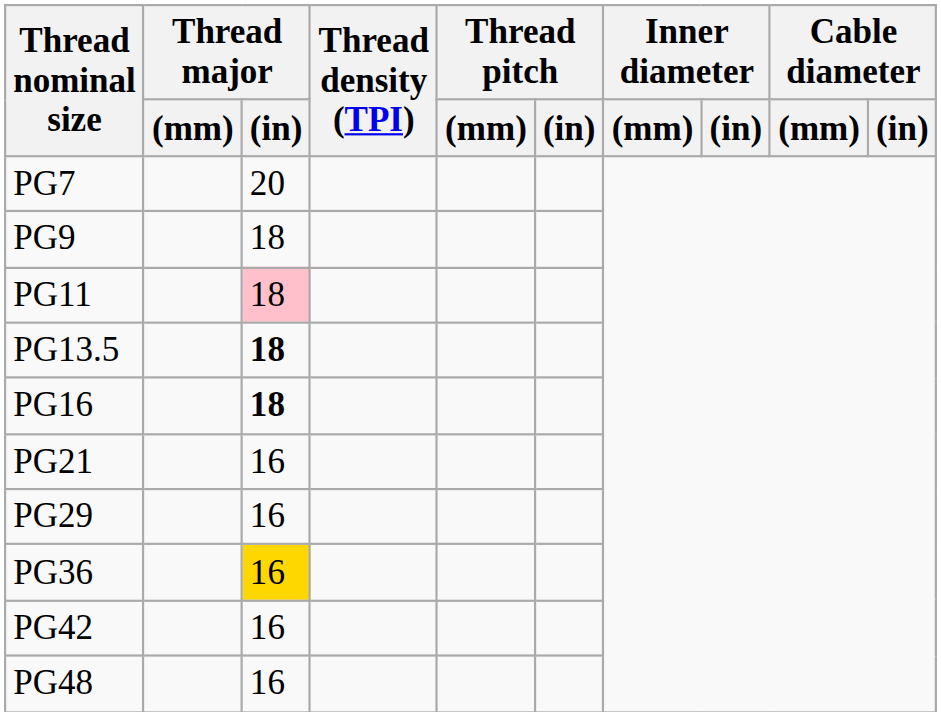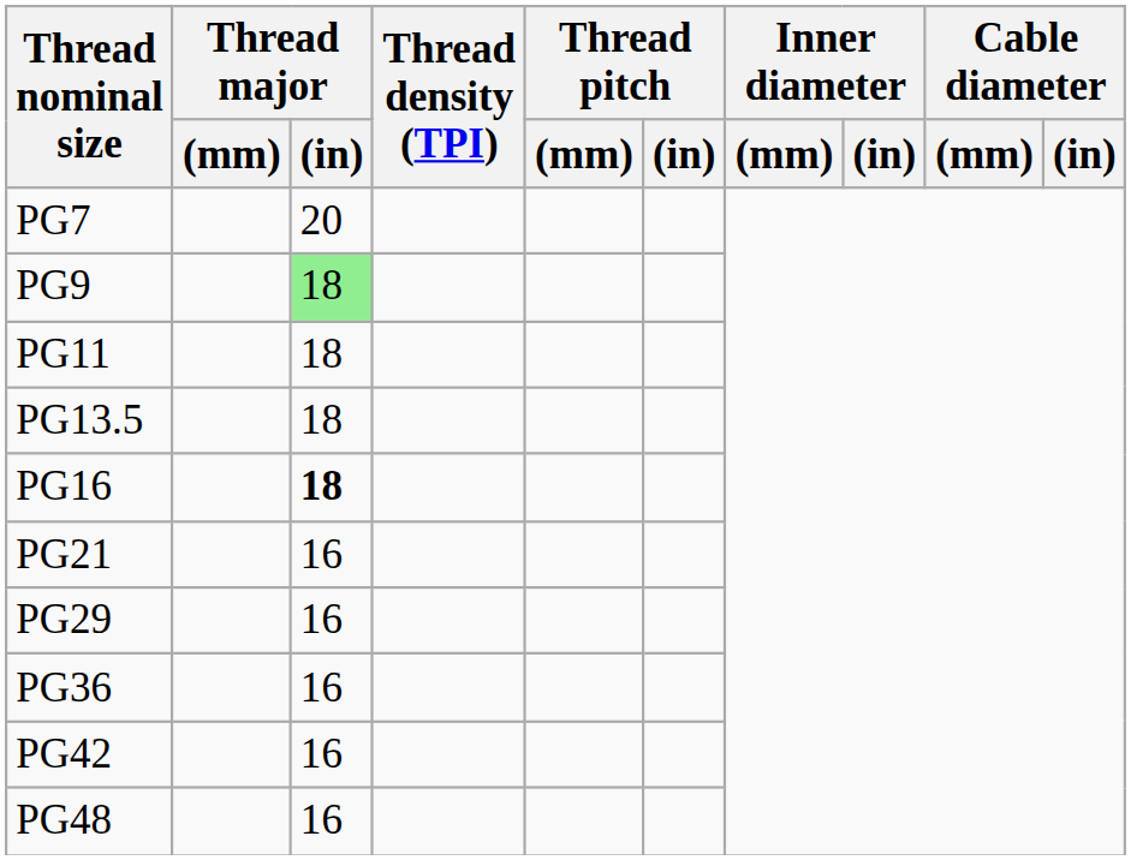 <table class="wikitable">
 <tr>
 <th rowspan=2>Thread <br>nominal <br>size</th>
 <th colspan=2>Thread <br>major </th>
 <th rowspan=2>Thread <br>density <br>(<a href='#'>TPI</a>)</th>
 <th colspan=2>Thread <br>pitch</th>
 <th colspan=2>Inner <br>diameter</th>
 <th colspan=2>Cable <br>diameter</th>
 </tr>
 <tr>
 <th>(mm)</th>
 <th>(in)</th>
 <th>(mm)</th>
 <th>(in)</th>
 <th>(mm)</th>
 <th>(in)</th>
 <th>(mm)</th>
 <th>(in)</th>
 </tr>
 <tr>
 <td>PG7</td>
 <td></td>
 <td>20</td>
 <td></td>
 <td></td>
 <td></td>
 </tr>
 <tr>
 <td>PG9</td>
 <td></td>
-<td>18</td>
+<td style="background: lightgreen;">18</td>
 <td></td>
 <td></td>
 <td></td>
 </tr>
 <tr>
 <td>PG11</td>
 <td></td>
-<td style="background: pink;">18</td>
+<td>18</td>
 <td></td>
 <td></td>
 <td></td>
 </tr>
 <tr>
 <td>PG13.5</td>
 <td></td>
-<td><strong>18</strong></td>
+<td>18</td>
 <td></td>
 <td></td>
 <td></td>
 </tr>
 <tr>
 <td>PG16</td>
 <td></td>
 <td><strong>18</strong></td>
 <td></td>
 <td></td>
 <td></td>
 </tr>
 <tr>
 <td>PG21</td>
 <td></td>
 <td>16</td>
 <td></td>
 <td></td>
 <td></td>
 </tr>
 <tr>
 <td>PG29</td>
 <td></td>
 <td>16</td>
 <td></td>
 <td></td>
 <td></td>
 </tr>
 <tr>
 <td>PG36</td>
 <td></td>
-<td style="background: gold;">16</td>
+<td>16</td>
 <td></td>
 <td></td>
 <td></td>
 </tr>
 <tr>
 <td>PG42</td>
 <td></td>
 <td>16</td>
 <td></td>
 <td></td>
 <td></td>
 </tr>
 <tr>
 <td>PG48</td>
 <td></td>
 <td>16</td>
 <td></td>
 <td></td>
 <td></td>
 </tr>
 </table>
